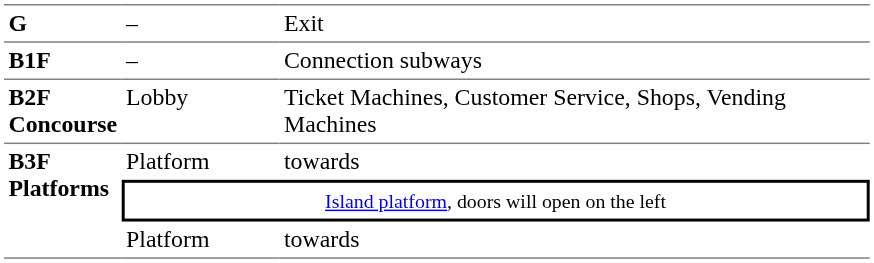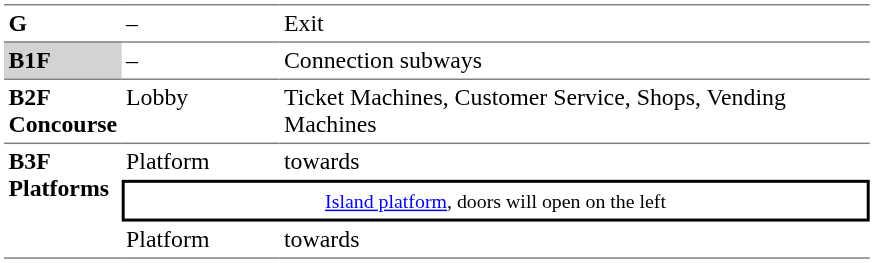 <table table border=0 cellspacing=0 cellpadding=3>
 <tr>
 <td style="border-top:solid 1px gray;" width=50 valign=top><strong>G</strong></td>
 <td style="border-top:solid 1px gray;" width=100 valign=top>–</td>
 <td style="border-top:solid 1px gray;" width=390 valign=top>Exit</td>
 </tr>
 <tr>
-<td style="border-top:solid 1px gray;" width=50 valign=top><strong>B1F</strong></td>
+<td style="background: lightgrey; border-top:solid 1px gray;" width=50 valign=top><strong>B1F</strong></td>
 <td style="border-top:solid 1px gray;" width=100 valign=top>–</td>
 <td style="border-top:solid 1px gray;" width=390 valign=top>Connection subways</td>
 </tr>
 <tr>
 <td style="border-bottom:solid 1px gray; border-top:solid 1px gray;" valign=top width=50><strong>B2F<br>Concourse</strong></td>
 <td style="border-bottom:solid 1px gray; border-top:solid 1px gray;" valign=top width=100>Lobby</td>
 <td style="border-bottom:solid 1px gray; border-top:solid 1px gray;" valign=top width=390>Ticket Machines, Customer Service, Shops, Vending Machines</td>
 </tr>
 <tr>
 <td style="border-bottom:solid 1px gray;" rowspan="6" valign=top><strong>B3F<br>Platforms</strong></td>
 <td>Platform</td>
 <td>  towards  </td>
 </tr>
 <tr>
 <td style="border-right:solid 2px black;border-left:solid 2px black;border-top:solid 2px black;border-bottom:solid 2px black;text-align:center;" colspan=2><small><a href='#'>Island platform</a>, doors will open on the left</small></td>
 </tr>
 <tr>
 <td style="border-bottom:solid 1px gray;">Platform</td>
 <td style="border-bottom:solid 1px gray;">  towards   </td>
 </tr>
 </table>
